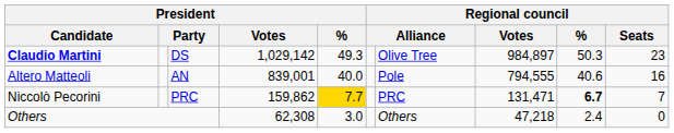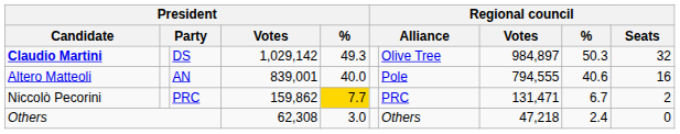 <table class="wikitable" style="text-align:right; style="width=65%">
 <tr>
 <th colspan="5">President</th>
 <th colspan="7">Regional council</th>
 </tr>
 <tr>
 <th>Candidate</th>
 <th colspan="2">Party</th>
 <th>Votes</th>
 <th>%</th>
 <th colspan="2">Alliance</th>
 <th>Votes</th>
 <th>%</th>
 <th>Seats</th>
 </tr>
 <tr>
 <td style="text-align:left"><strong><a href='#'>Claudio Martini</a></strong></td>
 <td></td>
 <td style="text-align:left"><a href='#'>DS</a></td>
 <td>1,029,142</td>
 <td>49.3</td>
 <td></td>
 <td style="text-align:left"><a href='#'>Olive Tree</a></td>
 <td>984,897</td>
 <td>50.3</td>
-<td>23</td>
+<td>32</td>
 </tr>
 <tr>
 <td style="text-align:left"><a href='#'>Altero Matteoli</a></td>
 <td></td>
 <td style="text-align:left"><a href='#'>AN</a></td>
 <td>839,001</td>
 <td>40.0</td>
 <td></td>
 <td style="text-align:left"><a href='#'>Pole</a></td>
 <td>794,555</td>
 <td>40.6</td>
 <td>16</td>
 </tr>
 <tr>
 <td style="text-align:left">Niccolò Pecorini</td>
 <td></td>
 <td style="text-align:left"><a href='#'>PRC</a></td>
 <td>159,862</td>
 <td style="background: gold;">7.7</td>
 <td></td>
 <td style="text-align:left"><a href='#'>PRC</a></td>
 <td>131,471</td>
-<td><strong>6.7</strong></td>
-<td>7</td>
+<td>6.7</td>
+<td>2</td>
 </tr>
 <tr>
 <td colspan="3" style="text-align:left"><em>Others</em></td>
 <td>62,308</td>
 <td>3.0</td>
 <td></td>
 <td style="text-align:left"><em>Others</em></td>
 <td>47,218</td>
 <td>2.4</td>
 <td>0</td>
 </tr>
 </table>
